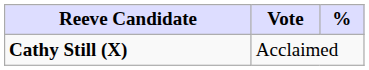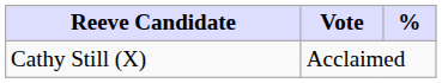 <table class="wikitable">
 <tr>
 <th style="background:#ddf; width:200px;">Reeve Candidate</th>
 <th style="background:#ddf; width:50px;">Vote</th>
 <th style="background:#ddf; width:30px;">%</th>
 </tr>
 <tr>
-<td><strong>Cathy Still (X)</strong></td>
+<td>Cathy Still (X)</td>
 <td colspan="2">Acclaimed</td>
 </tr>
 </table>
